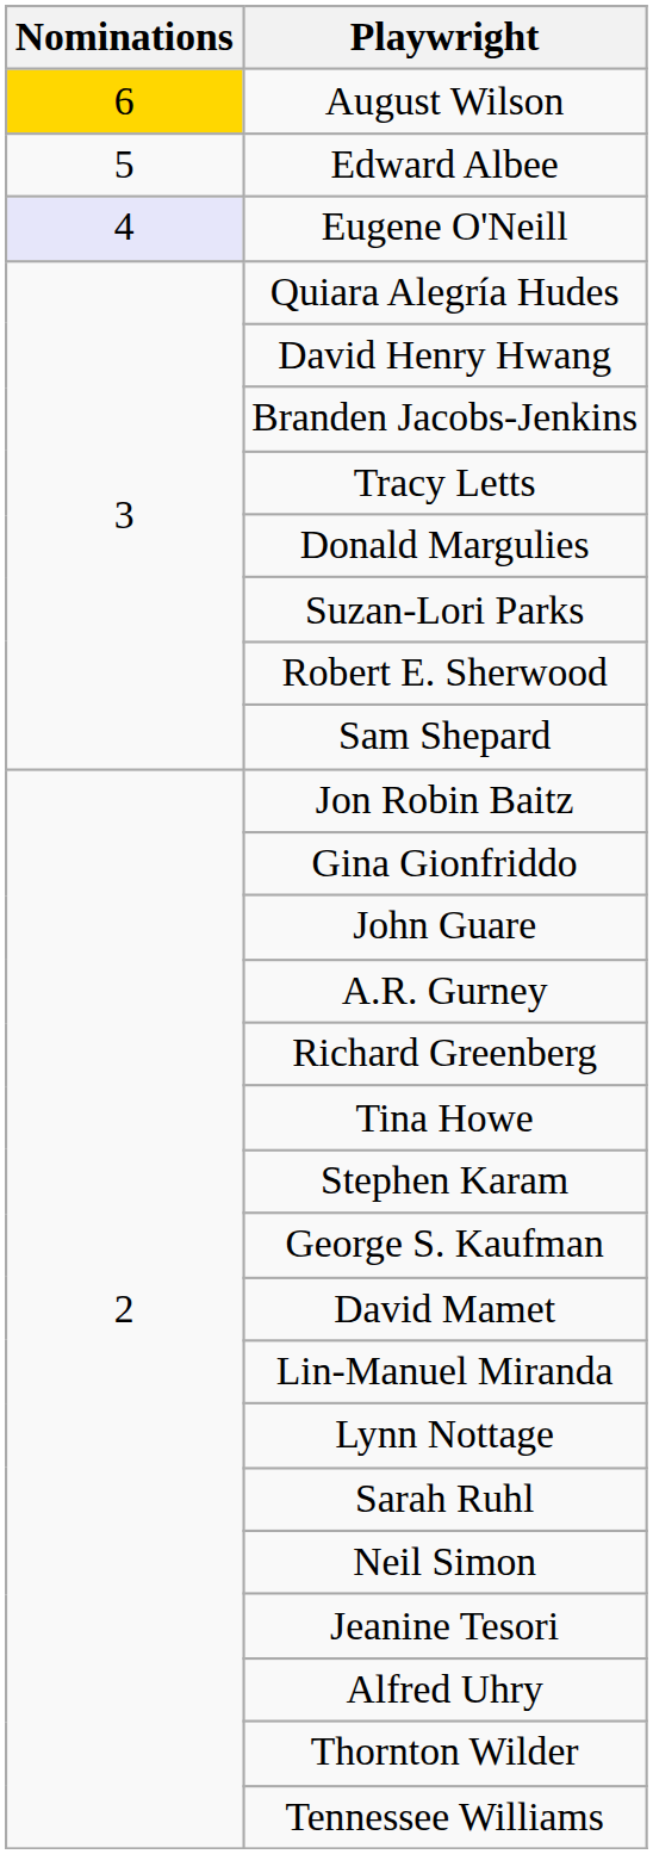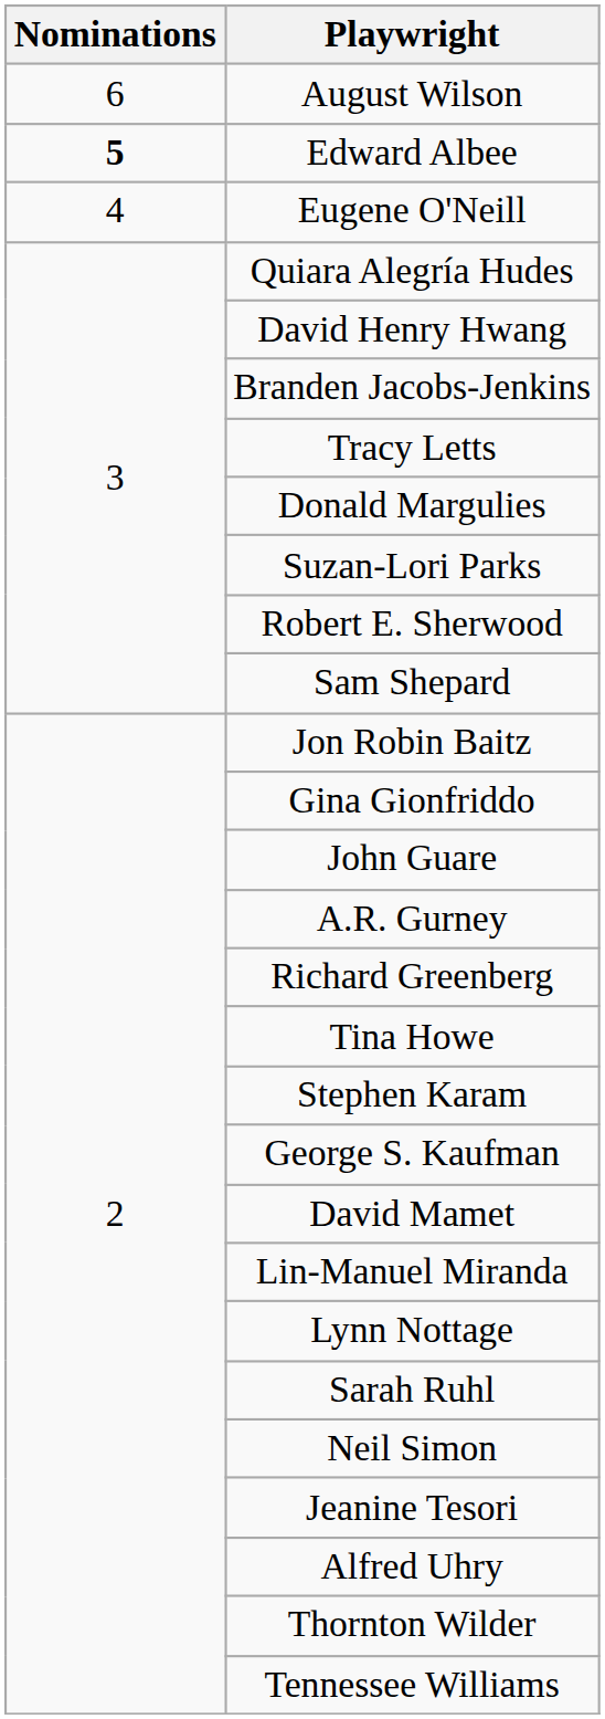 <table class="wikitable" style="text-align: center;">
 <tr>
 <th scope="col" width="55">Nominations</th>
 <th scope="col" style="text-align:center">Playwright</th>
 </tr>
 <tr>
-<td rowspan=1 style="background: gold; text-align:center">6</td>
+<td rowspan=1 style="text-align:center">6</td>
 <td>August Wilson</td>
 </tr>
 <tr>
-<td rowspan=1 style="text-align:center">5</td>
+<td rowspan=1 style="text-align:center"><strong>5</strong></td>
 <td>Edward Albee</td>
 </tr>
 <tr>
-<td rowspan=1 style="background: lavender; text-align:center">4</td>
+<td rowspan=1 style="text-align:center">4</td>
 <td>Eugene O'Neill</td>
 </tr>
 <tr>
 <td rowspan=8 style="text-align:center">3</td>
 <td>Quiara Alegría Hudes</td>
 </tr>
 <tr>
 <td>David Henry Hwang</td>
 </tr>
 <tr>
 <td>Branden Jacobs-Jenkins</td>
 </tr>
 <tr>
 <td>Tracy Letts</td>
 </tr>
 <tr>
 <td>Donald Margulies</td>
 </tr>
 <tr>
 <td>Suzan-Lori Parks</td>
 </tr>
 <tr>
 <td>Robert E. Sherwood</td>
 </tr>
 <tr>
 <td>Sam Shepard</td>
 </tr>
 <tr>
 <td rowspan=17 style="text-align:center">2</td>
 <td>Jon Robin Baitz</td>
 </tr>
 <tr>
 <td>Gina Gionfriddo</td>
 </tr>
 <tr>
 <td>John Guare</td>
 </tr>
 <tr>
 <td>A.R. Gurney</td>
 </tr>
 <tr>
 <td>Richard Greenberg</td>
 </tr>
 <tr>
 <td>Tina Howe</td>
 </tr>
 <tr>
 <td>Stephen Karam</td>
 </tr>
 <tr>
 <td>George S. Kaufman</td>
 </tr>
 <tr>
 <td>David Mamet</td>
 </tr>
 <tr>
 <td>Lin-Manuel Miranda</td>
 </tr>
 <tr>
 <td>Lynn Nottage</td>
 </tr>
 <tr>
 <td>Sarah Ruhl</td>
 </tr>
 <tr>
 <td>Neil Simon</td>
 </tr>
 <tr>
 <td>Jeanine Tesori</td>
 </tr>
 <tr>
 <td>Alfred Uhry</td>
 </tr>
 <tr>
 <td>Thornton Wilder</td>
 </tr>
 <tr>
 <td>Tennessee Williams</td>
 </tr>
 <tr>
 </tr>
 </table>
